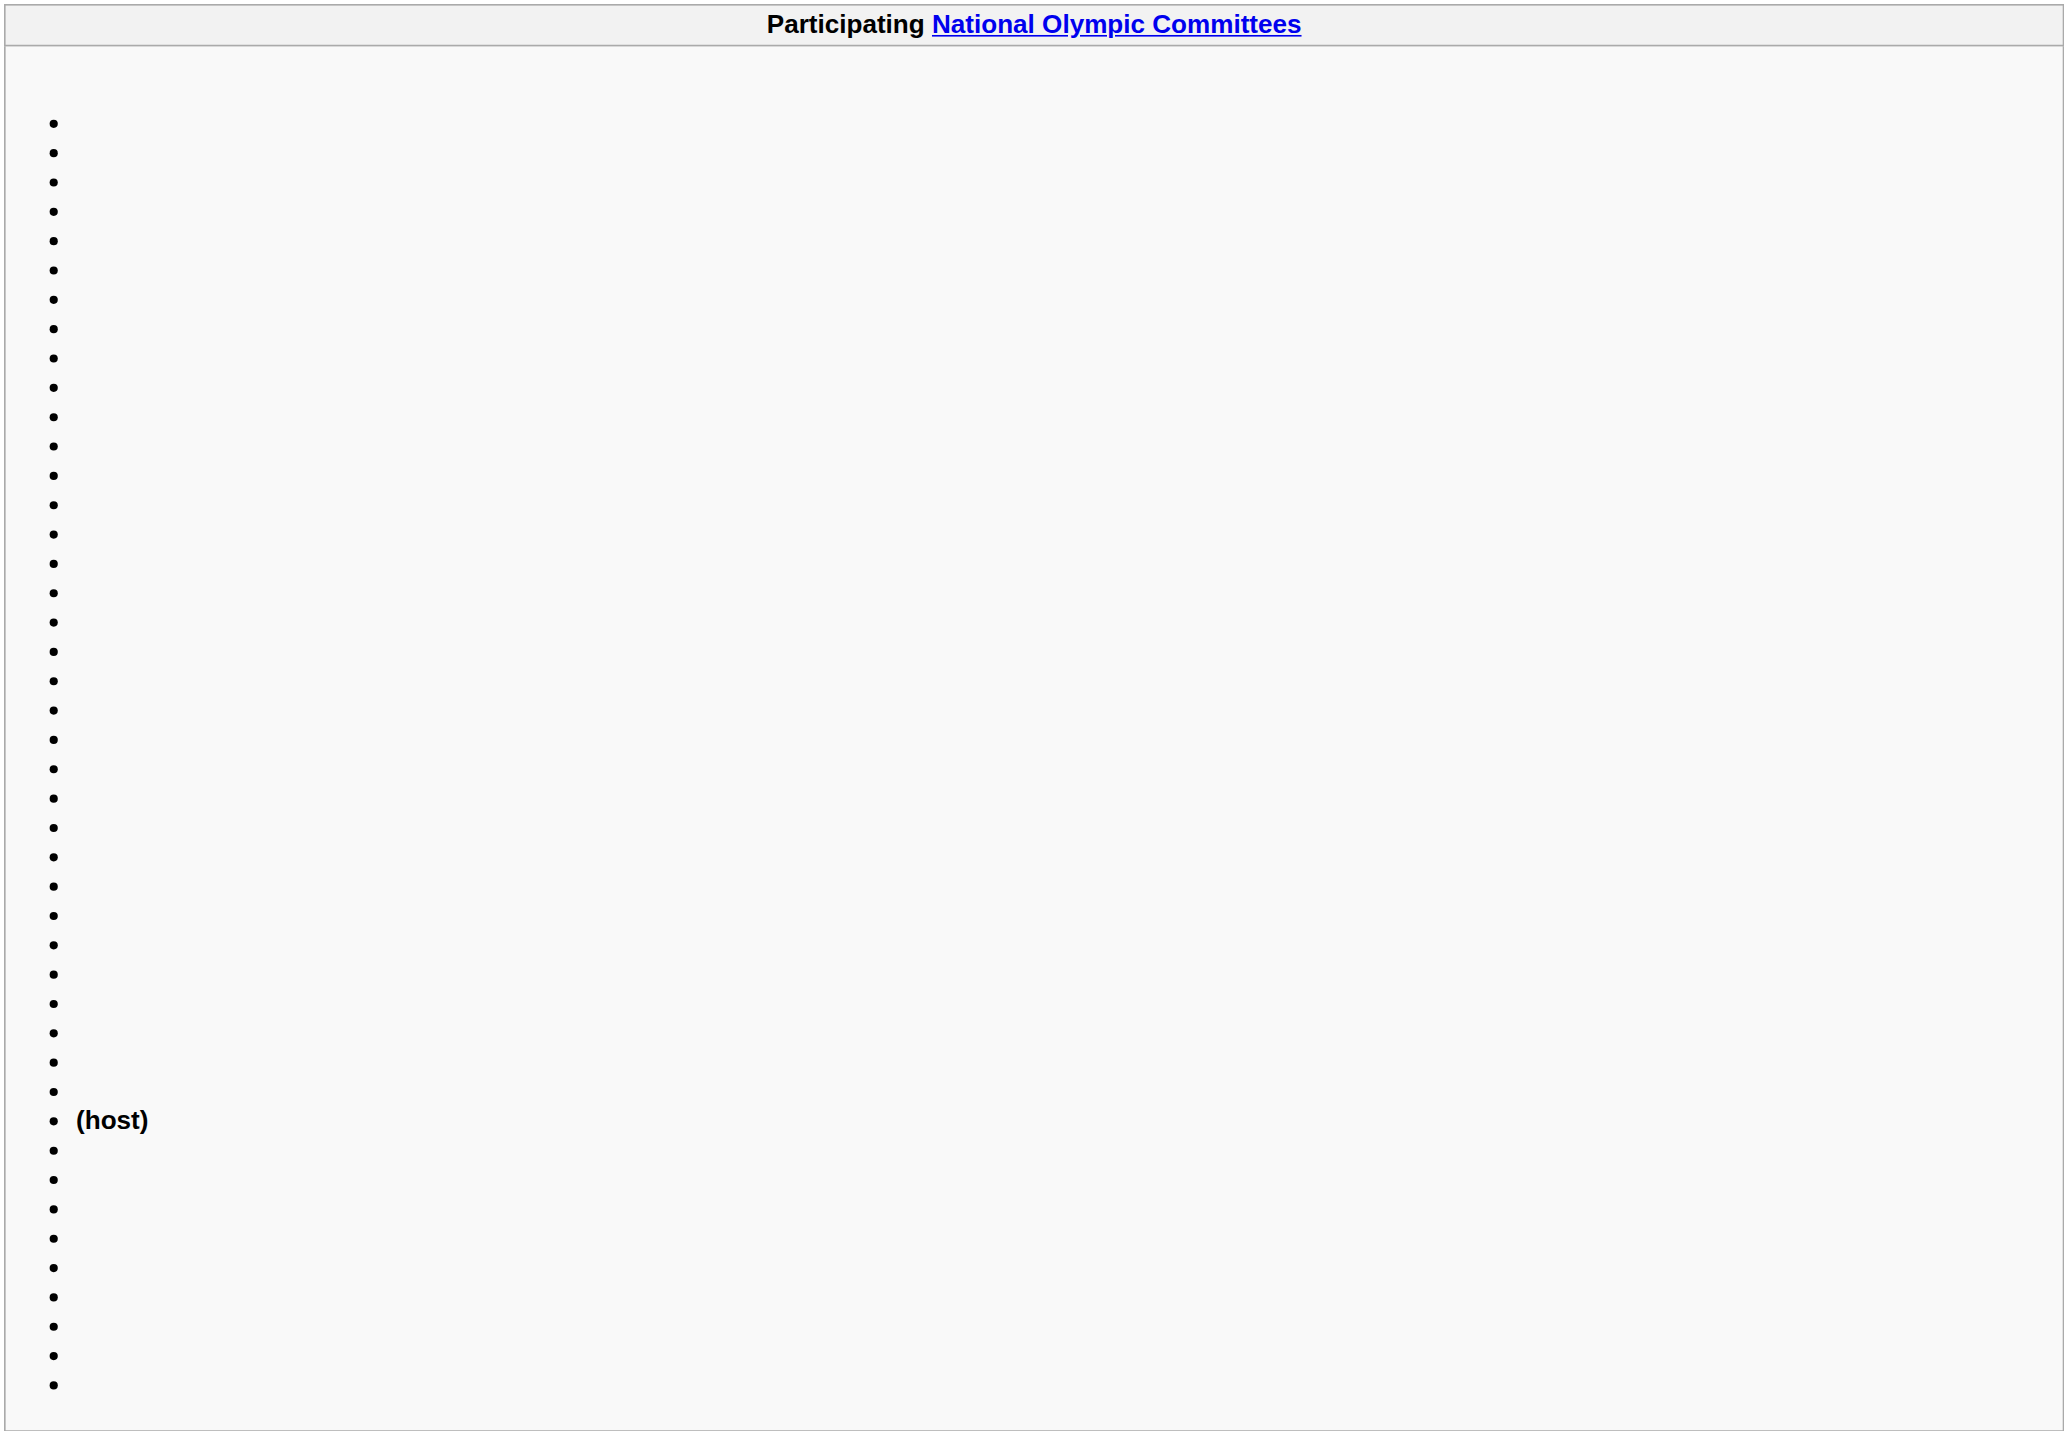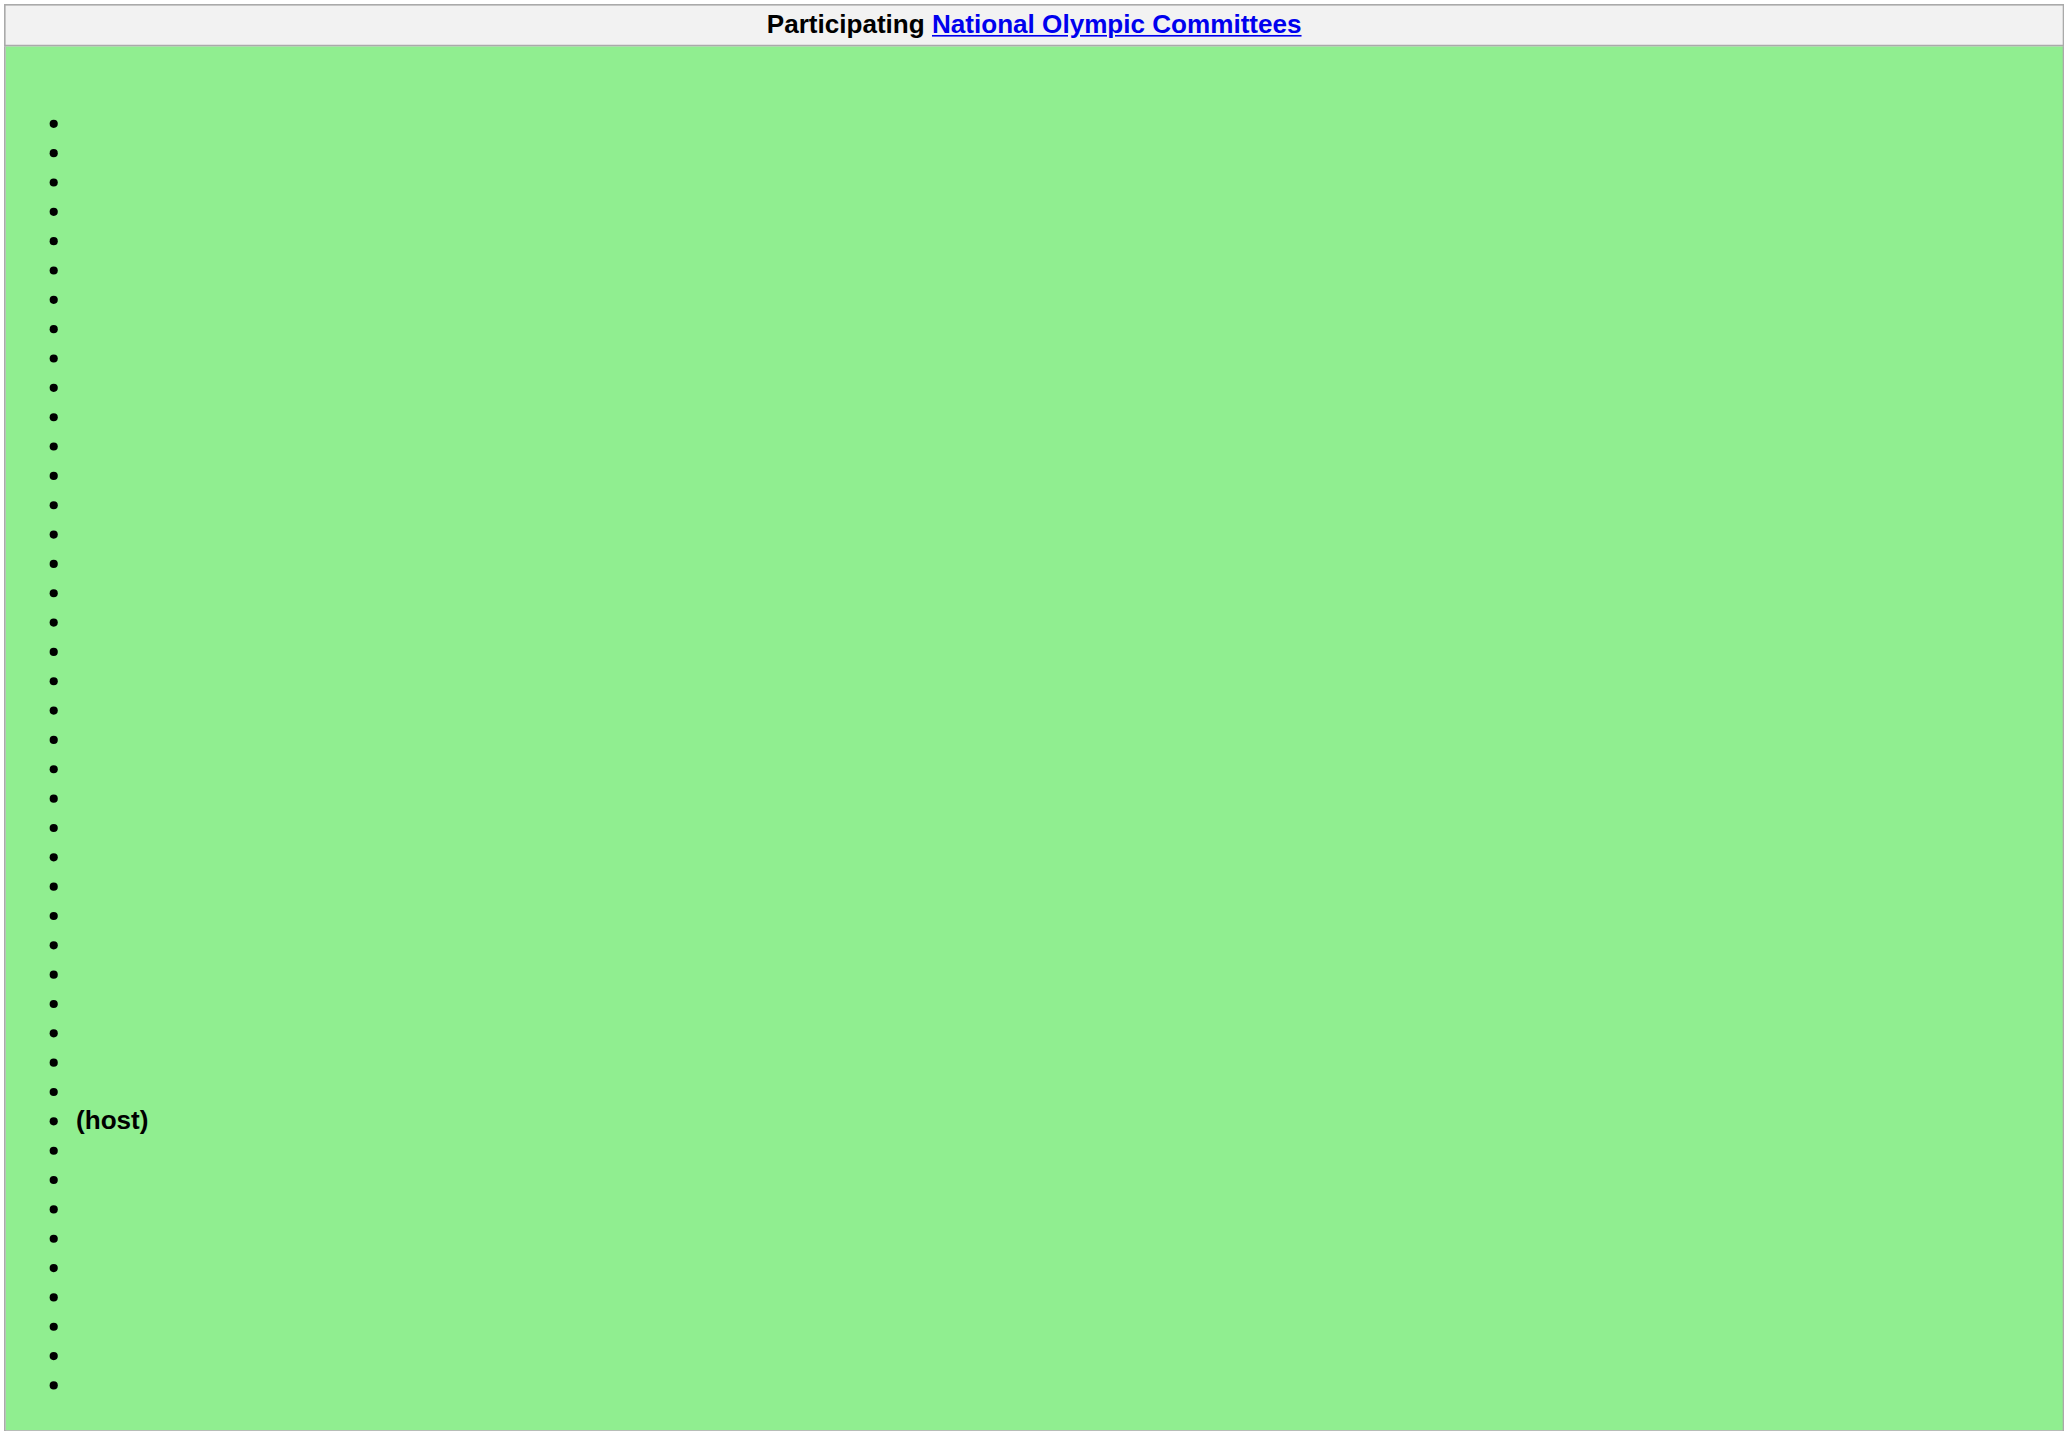 <table class="wikitable collapsible" style="width:100%;">
 <tr>
 <th>Participating <a href='#'>National Olympic Committees</a></th>
 </tr>
 <tr>
-<td><br><ul><li></li><li></li><li></li><li></li><li></li><li></li><li></li><li></li><li></li><li></li><li></li><li></li><li></li><li></li><li></li><li></li><li></li><li></li><li></li><li></li><li></li><li></li><li></li><li></li><li></li><li></li><li></li><li></li><li></li><li></li><li></li><li></li><li></li><li></li><li> <strong>(host)</strong></li><li></li><li></li><li></li><li></li><li></li><li></li><li></li><li></li><li></li></ul></td>
+<td style="background: lightgreen;"><br><ul><li></li><li></li><li></li><li></li><li></li><li></li><li></li><li></li><li></li><li></li><li></li><li></li><li></li><li></li><li></li><li></li><li></li><li></li><li></li><li></li><li></li><li></li><li></li><li></li><li></li><li></li><li></li><li></li><li></li><li></li><li></li><li></li><li></li><li></li><li> <strong>(host)</strong></li><li></li><li></li><li></li><li></li><li></li><li></li><li></li><li></li><li></li></ul></td>
 </tr>
 </table>
